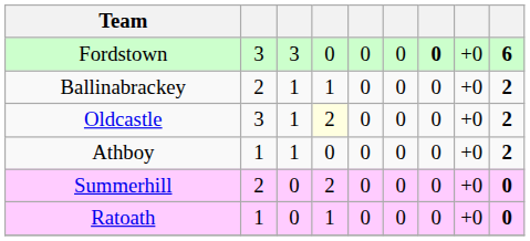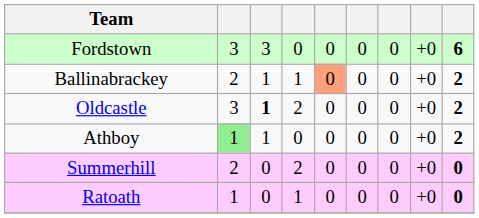 <table class="wikitable" style="text-align:center">
 <tr>
 <th width="175">Team</th>
 <th width="20"></th>
 <th width="20"></th>
 <th width="20"></th>
 <th width="20"></th>
 <th width="20"></th>
 <th width="20"></th>
 <th width="20"></th>
 <th width="20"></th>
 </tr>
 <tr style="background:#cfc;">
 <td>Fordstown</td>
 <td>3</td>
 <td>3</td>
 <td>0</td>
 <td>0</td>
 <td>0</td>
-<td><strong>0</strong></td>
+<td>0</td>
 <td>+0</td>
 <td><strong>6</strong></td>
 </tr>
 <tr>
 <td>Ballinabrackey</td>
 <td>2</td>
 <td>1</td>
 <td>1</td>
-<td>0</td>
+<td style="background: lightsalmon;">0</td>
 <td>0</td>
 <td>0</td>
 <td>+0</td>
 <td><strong>2</strong></td>
 </tr>
 <tr>
 <td><a href='#'>Oldcastle</a></td>
 <td>3</td>
-<td>1</td>
-<td style="background: lightyellow;">2</td>
+<td><strong>1</strong></td>
+<td>2</td>
 <td>0</td>
 <td>0</td>
 <td>0</td>
 <td>+0</td>
 <td><strong>2</strong></td>
 </tr>
 <tr>
 <td>Athboy</td>
-<td>1</td>
+<td style="background: lightgreen;">1</td>
 <td>1</td>
 <td>0</td>
 <td>0</td>
 <td>0</td>
 <td>0</td>
 <td>+0</td>
 <td><strong>2</strong></td>
 </tr>
 <tr style="background:#fcf;">
 <td><a href='#'>Summerhill</a></td>
 <td>2</td>
 <td>0</td>
 <td>2</td>
 <td>0</td>
 <td>0</td>
 <td>0</td>
 <td>+0</td>
 <td><strong>0</strong></td>
 </tr>
 <tr style="background:#fcf;">
 <td><a href='#'>Ratoath</a></td>
 <td>1</td>
 <td>0</td>
 <td>1</td>
 <td>0</td>
 <td>0</td>
 <td>0</td>
 <td>+0</td>
 <td><strong>0</strong></td>
 </tr>
 <tr>
 </tr>
 </table>
